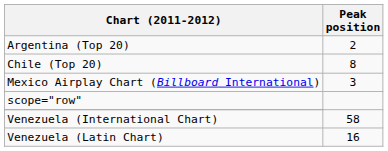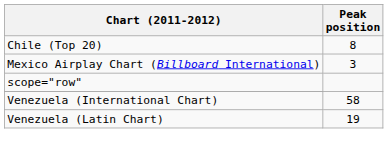 <table class="wikitable sortable">
 <tr>
 <th>Chart (2011-2012)</th>
 <th>Peak<br>position</th>
-</tr>
-<tr>
-<td>Argentina (Top 20)</td>
-<td align="center">2</td>
 </tr>
 <tr>
 <td>Chile (Top 20)</td>
 <td align="center">8</td>
 </tr>
 <tr>
 <td>Mexico Airplay Chart (<a href='#'><em>Billboard</em> International</a>)</td>
 <td align="center">3</td>
 </tr>
 <tr>
 <td>scope="row" </td>
 </tr>
 <tr>
 </tr>
 <tr>
 </tr>
 <tr>
 </tr>
 <tr>
 </tr>
 <tr>
 </tr>
 <tr>
 </tr>
 <tr>
 <td>Venezuela (International Chart)</td>
 <td align="center">58</td>
 </tr>
 <tr>
 <td>Venezuela (Latin Chart)</td>
-<td align="center">16</td>
+<td align="center">19</td>
 </tr>
 </table>
